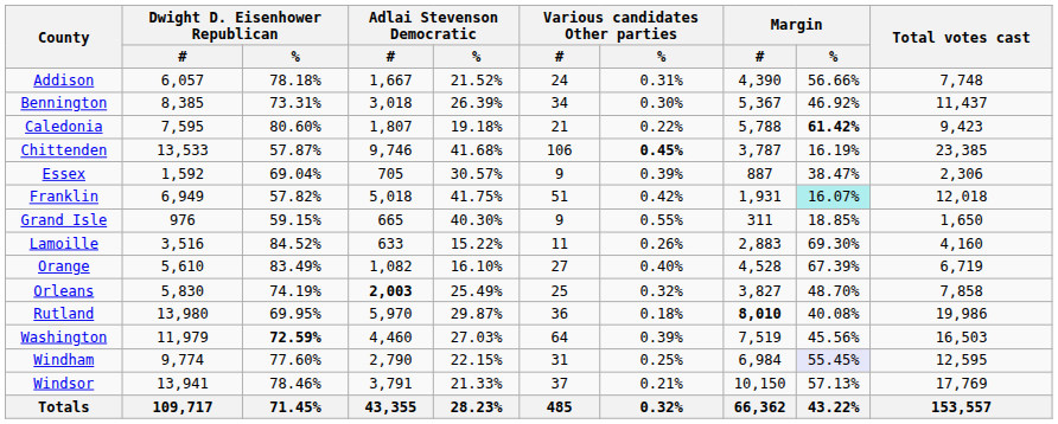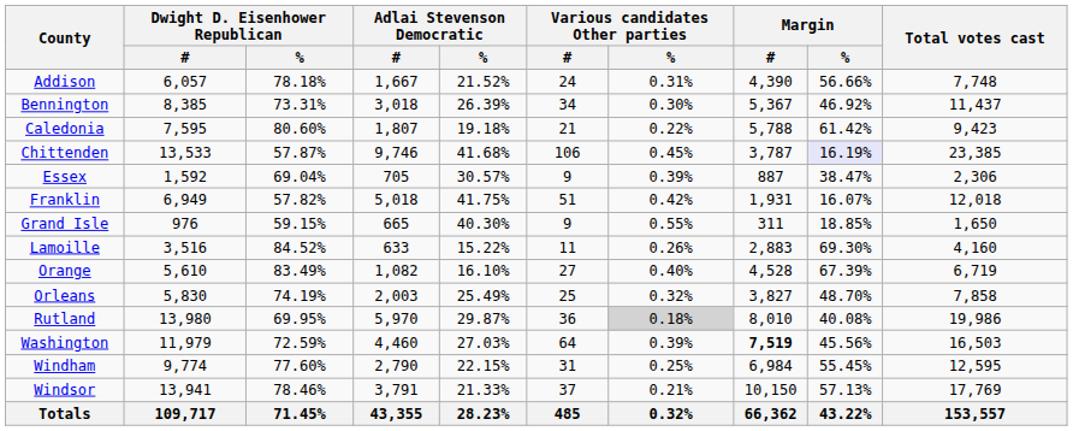 <table width="60%"  class="wikitable sortable" style="text-align:center">
 <tr>
 <th rowspan="2">County</th>
 <th style="text-align:center;" colspan="2">Dwight D. Eisenhower<br>Republican</th>
 <th style="text-align:center;" colspan="2">Adlai Stevenson<br>Democratic</th>
 <th style="text-align:center;" colspan="2">Various candidates<br>Other parties</th>
 <th style="text-align:center;" colspan="2">Margin</th>
 <th style="text-align:center;" rowspan="2">Total votes cast</th>
 </tr>
 <tr>
 <th data-sort-type="number">#</th>
 <th data-sort-type="number">%</th>
 <th data-sort-type="number">#</th>
 <th data-sort-type="number">%</th>
 <th data-sort-type="number">#</th>
 <th data-sort-type="number">%</th>
 <th data-sort-type="number">#</th>
 <th data-sort-type="number">%</th>
 </tr>
 <tr style="text-align:center;">
 <td><a href='#'>Addison</a></td>
 <td>6,057</td>
 <td>78.18%</td>
 <td>1,667</td>
 <td>21.52%</td>
 <td>24</td>
 <td>0.31%</td>
 <td>4,390</td>
 <td>56.66%</td>
 <td>7,748</td>
 </tr>
 <tr style="text-align:center;">
 <td><a href='#'>Bennington</a></td>
 <td>8,385</td>
 <td>73.31%</td>
 <td>3,018</td>
 <td>26.39%</td>
 <td>34</td>
 <td>0.30%</td>
 <td>5,367</td>
 <td>46.92%</td>
 <td>11,437</td>
 </tr>
 <tr style="text-align:center;">
 <td><a href='#'>Caledonia</a></td>
 <td>7,595</td>
 <td>80.60%</td>
 <td>1,807</td>
 <td>19.18%</td>
 <td>21</td>
 <td>0.22%</td>
 <td>5,788</td>
-<td><strong>61.42%</strong></td>
+<td>61.42%</td>
 <td>9,423</td>
 </tr>
 <tr style="text-align:center;">
 <td><a href='#'>Chittenden</a></td>
 <td>13,533</td>
 <td>57.87%</td>
 <td>9,746</td>
 <td>41.68%</td>
 <td>106</td>
-<td><strong>0.45%</strong></td>
+<td>0.45%</td>
 <td>3,787</td>
-<td>16.19%</td>
+<td style="background: lavender;">16.19%</td>
 <td>23,385</td>
 </tr>
 <tr style="text-align:center;">
 <td><a href='#'>Essex</a></td>
 <td>1,592</td>
 <td>69.04%</td>
 <td>705</td>
 <td>30.57%</td>
 <td>9</td>
 <td>0.39%</td>
 <td>887</td>
 <td>38.47%</td>
 <td>2,306</td>
 </tr>
 <tr style="text-align:center;">
 <td><a href='#'>Franklin</a></td>
 <td>6,949</td>
 <td>57.82%</td>
 <td>5,018</td>
 <td>41.75%</td>
 <td>51</td>
 <td>0.42%</td>
 <td>1,931</td>
-<td style="background: paleturquoise;">16.07%</td>
+<td>16.07%</td>
 <td>12,018</td>
 </tr>
 <tr style="text-align:center;">
 <td><a href='#'>Grand Isle</a></td>
 <td>976</td>
 <td>59.15%</td>
 <td>665</td>
 <td>40.30%</td>
 <td>9</td>
 <td>0.55%</td>
 <td>311</td>
 <td>18.85%</td>
 <td>1,650</td>
 </tr>
 <tr style="text-align:center;">
 <td><a href='#'>Lamoille</a></td>
 <td>3,516</td>
 <td>84.52%</td>
 <td>633</td>
 <td>15.22%</td>
 <td>11</td>
 <td>0.26%</td>
 <td>2,883</td>
 <td>69.30%</td>
 <td>4,160</td>
 </tr>
 <tr style="text-align:center;">
 <td><a href='#'>Orange</a></td>
 <td>5,610</td>
 <td>83.49%</td>
 <td>1,082</td>
 <td>16.10%</td>
 <td>27</td>
 <td>0.40%</td>
 <td>4,528</td>
 <td>67.39%</td>
 <td>6,719</td>
 </tr>
 <tr style="text-align:center;">
 <td><a href='#'>Orleans</a></td>
 <td>5,830</td>
 <td>74.19%</td>
-<td><strong>2,003</strong></td>
+<td>2,003</td>
 <td>25.49%</td>
 <td>25</td>
 <td>0.32%</td>
 <td>3,827</td>
 <td>48.70%</td>
 <td>7,858</td>
 </tr>
 <tr style="text-align:center;">
 <td><a href='#'>Rutland</a></td>
 <td>13,980</td>
 <td>69.95%</td>
 <td>5,970</td>
 <td>29.87%</td>
 <td>36</td>
-<td>0.18%</td>
-<td><strong>8,010</strong></td>
+<td style="background: lightgrey;">0.18%</td>
+<td>8,010</td>
 <td>40.08%</td>
 <td>19,986</td>
 </tr>
 <tr style="text-align:center;">
 <td><a href='#'>Washington</a></td>
 <td>11,979</td>
-<td><strong>72.59%</strong></td>
+<td>72.59%</td>
 <td>4,460</td>
 <td>27.03%</td>
 <td>64</td>
 <td>0.39%</td>
-<td>7,519</td>
+<td><strong>7,519</strong></td>
 <td>45.56%</td>
 <td>16,503</td>
 </tr>
 <tr style="text-align:center;">
 <td><a href='#'>Windham</a></td>
 <td>9,774</td>
 <td>77.60%</td>
 <td>2,790</td>
 <td>22.15%</td>
 <td>31</td>
 <td>0.25%</td>
 <td>6,984</td>
-<td style="background: lavender;">55.45%</td>
+<td>55.45%</td>
 <td>12,595</td>
 </tr>
 <tr style="text-align:center;">
 <td><a href='#'>Windsor</a></td>
 <td>13,941</td>
 <td>78.46%</td>
 <td>3,791</td>
 <td>21.33%</td>
 <td>37</td>
 <td>0.21%</td>
 <td>10,150</td>
 <td>57.13%</td>
 <td>17,769</td>
 </tr>
 <tr style="text-align:center;">
 <th>Totals</th>
 <th>109,717</th>
 <th>71.45%</th>
 <th>43,355</th>
 <th>28.23%</th>
 <th>485</th>
 <th>0.32%</th>
 <th>66,362</th>
 <th>43.22%</th>
 <th>153,557</th>
 </tr>
 </table>
